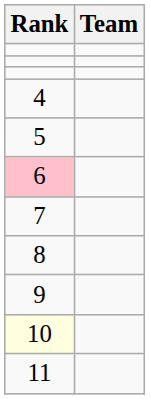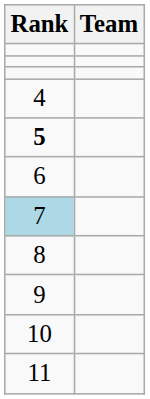 <table class="wikitable" style="text-align: center;">
 <tr>
 <th>Rank</th>
 <th>Team</th>
 </tr>
 <tr>
 <td></td>
 <td align="left"></td>
 </tr>
 <tr>
 <td></td>
 <td align="left"></td>
 </tr>
 <tr>
 <td></td>
 <td align="left"></td>
 </tr>
 <tr>
 <td>4</td>
 <td align="left"></td>
 </tr>
 <tr>
-<td>5</td>
+<td><strong>5</strong></td>
 <td align="left"></td>
 </tr>
 <tr>
-<td style="background: pink;">6</td>
+<td>6</td>
 <td align="left"></td>
 </tr>
 <tr>
-<td>7</td>
+<td style="background: lightblue;">7</td>
 <td align="left"></td>
 </tr>
 <tr>
 <td>8</td>
 <td align="left"></td>
 </tr>
 <tr>
 <td>9</td>
 <td align="left"></td>
 </tr>
 <tr>
-<td style="background: lightyellow;">10</td>
+<td>10</td>
 <td align="left"></td>
 </tr>
 <tr>
 <td>11</td>
 <td align="left"></td>
 </tr>
 </table>
